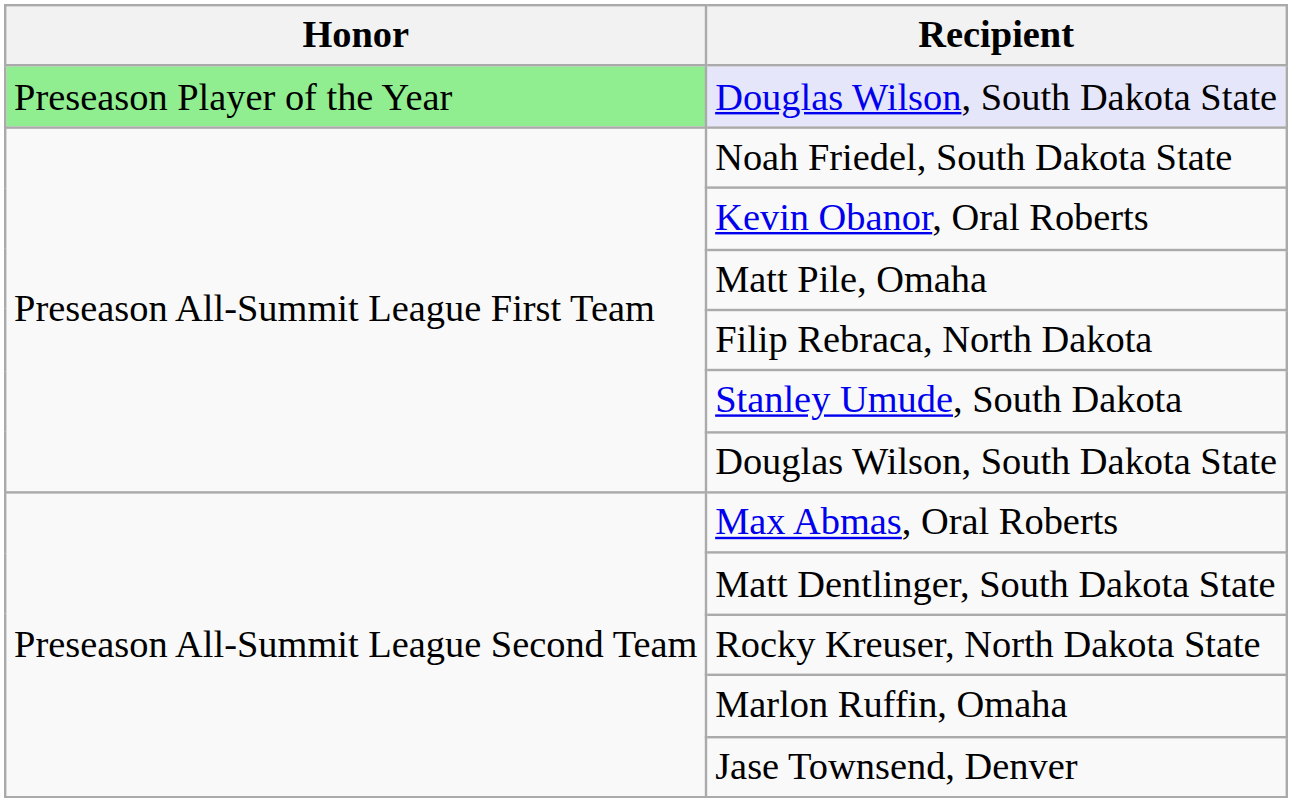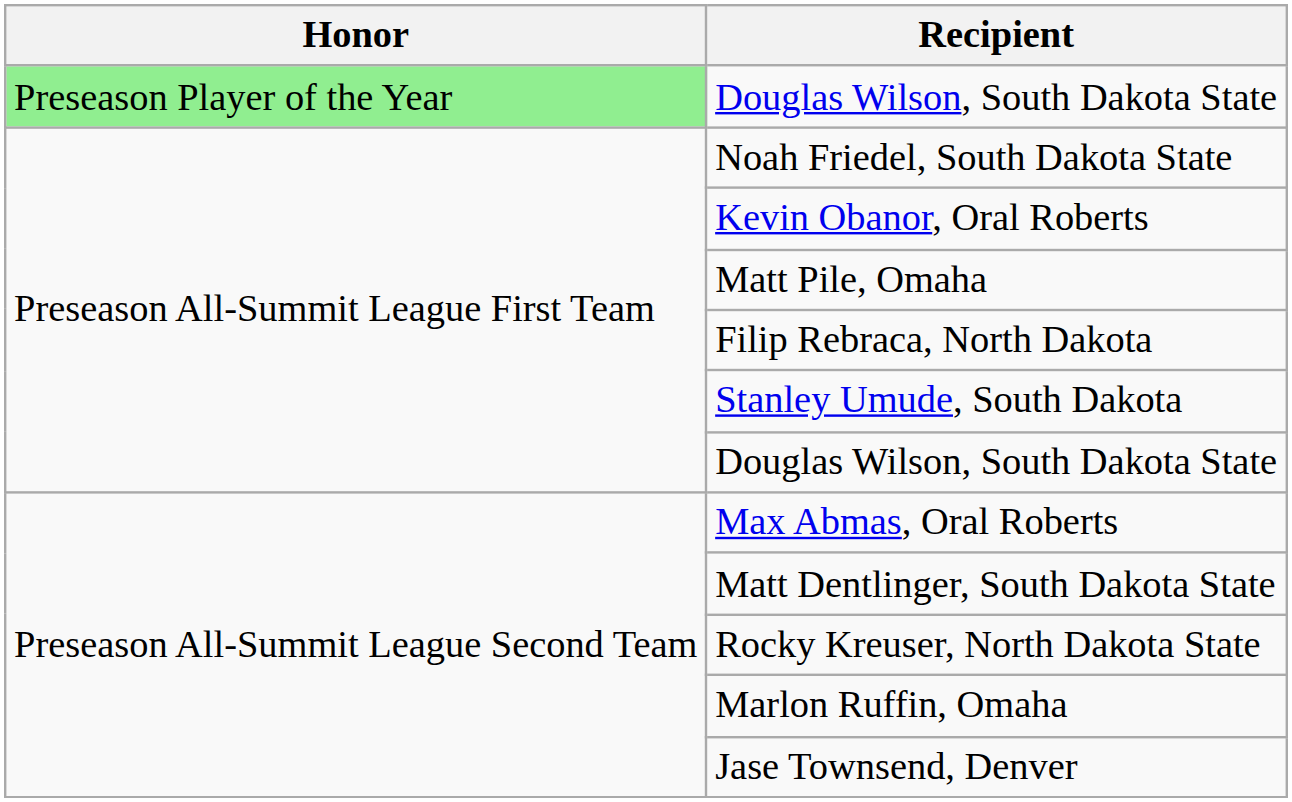 <table class="wikitable" border="1">
 <tr>
 <th>Honor</th>
 <th>Recipient</th>
 </tr>
 <tr>
 <td style="background: lightgreen;">Preseason Player of the Year</td>
-<td style="background: lavender;"><a href='#'>Douglas Wilson</a>, South Dakota State</td>
+<td><a href='#'>Douglas Wilson</a>, South Dakota State</td>
 </tr>
 <tr>
 <td rowspan=6 valign=middle>Preseason All-Summit League First Team</td>
 <td>Noah Friedel, South Dakota State</td>
 </tr>
 <tr>
 <td><a href='#'>Kevin Obanor</a>, Oral Roberts</td>
 </tr>
 <tr>
 <td>Matt Pile, Omaha</td>
 </tr>
 <tr>
 <td>Filip Rebraca, North Dakota</td>
 </tr>
 <tr>
 <td><a href='#'>Stanley Umude</a>, South Dakota</td>
 </tr>
 <tr>
 <td>Douglas Wilson, South Dakota State</td>
 </tr>
 <tr>
 <td rowspan=5 valign=middle>Preseason All-Summit League Second Team</td>
 <td><a href='#'>Max Abmas</a>, Oral Roberts</td>
 </tr>
 <tr>
 <td>Matt Dentlinger, South Dakota State</td>
 </tr>
 <tr>
 <td>Rocky Kreuser, North Dakota State</td>
 </tr>
 <tr>
 <td>Marlon Ruffin, Omaha</td>
 </tr>
 <tr>
 <td>Jase Townsend, Denver</td>
 </tr>
 <tr>
 </tr>
 </table>
